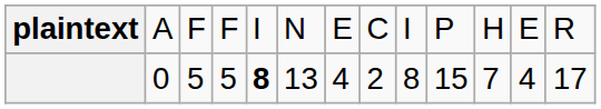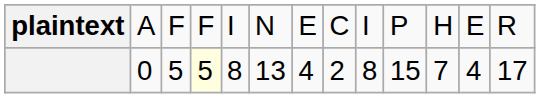 <table class="wikitable" border="1">
 <tr>
 <th>plaintext</th>
 <td>A</td>
 <td>F</td>
 <td>F</td>
 <td>I</td>
 <td>N</td>
 <td>E</td>
 <td>C</td>
 <td>I</td>
 <td>P</td>
 <td>H</td>
 <td>E</td>
 <td>R</td>
 </tr>
 <tr>
 <th></th>
 <td>0</td>
 <td>5</td>
-<td>5</td>
-<td><strong>8</strong></td>
+<td style="background: lightyellow;">5</td>
+<td>8</td>
 <td>13</td>
 <td>4</td>
 <td>2</td>
 <td>8</td>
 <td>15</td>
 <td>7</td>
 <td>4</td>
 <td>17</td>
 </tr>
 </table>
